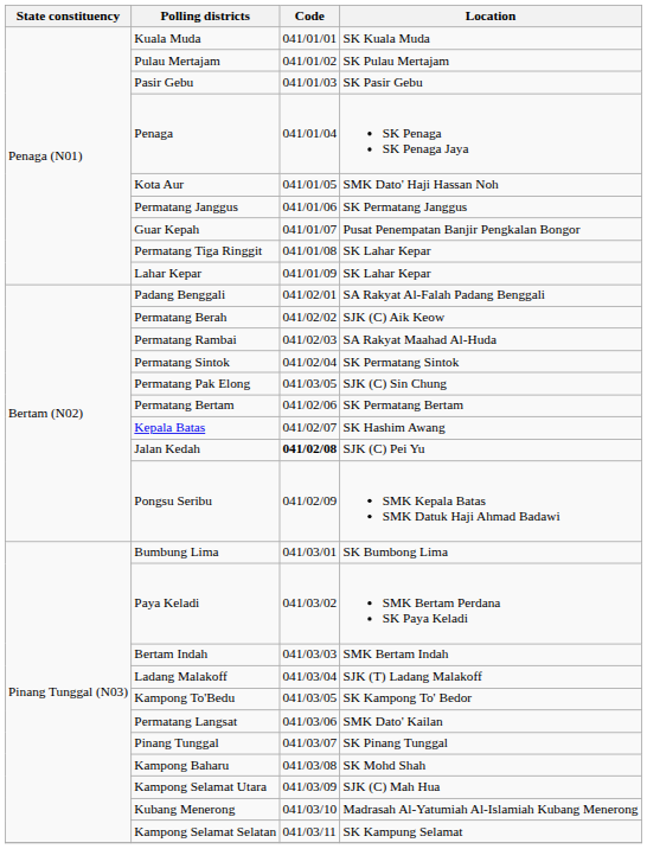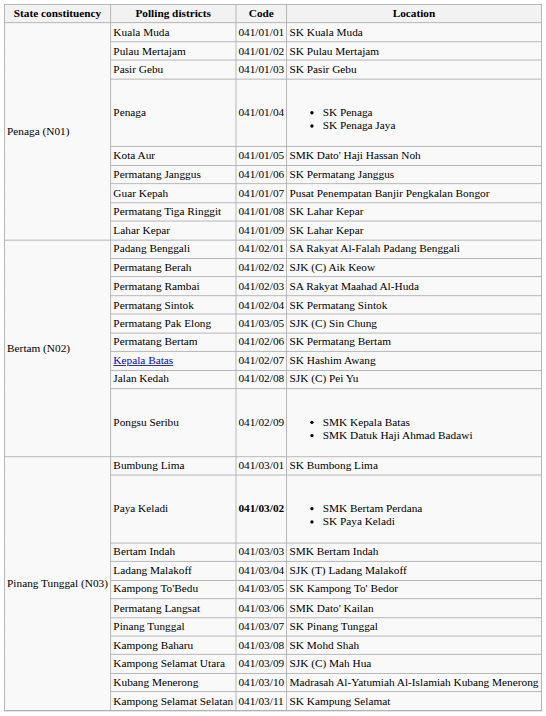 <table class="wikitable sortable mw-collapsible" style="white-space:nowrap;font-size:85%">
 <tr>
 <th>State constituency</th>
 <th>Polling districts</th>
 <th>Code</th>
 <th>Location</th>
 </tr>
 <tr>
 <td rowspan="9">Penaga (N01)</td>
 <td>Kuala Muda</td>
 <td>041/01/01</td>
 <td>SK Kuala Muda</td>
 </tr>
 <tr>
 <td>Pulau Mertajam</td>
 <td>041/01/02</td>
 <td>SK Pulau Mertajam</td>
 </tr>
 <tr>
 <td>Pasir Gebu</td>
 <td>041/01/03</td>
 <td>SK Pasir Gebu</td>
 </tr>
 <tr>
 <td>Penaga</td>
 <td>041/01/04</td>
 <td><br><ul><li>SK Penaga</li><li>SK Penaga Jaya</li></ul></td>
 </tr>
 <tr>
 <td>Kota Aur</td>
 <td>041/01/05</td>
 <td>SMK Dato' Haji Hassan Noh</td>
 </tr>
 <tr>
 <td>Permatang Janggus</td>
 <td>041/01/06</td>
 <td>SK Permatang Janggus</td>
 </tr>
 <tr>
 <td>Guar Kepah</td>
 <td>041/01/07</td>
 <td>Pusat Penempatan Banjir Pengkalan Bongor</td>
 </tr>
 <tr>
 <td>Permatang Tiga Ringgit</td>
 <td>041/01/08</td>
 <td>SK Lahar Kepar</td>
 </tr>
 <tr>
 <td>Lahar Kepar</td>
 <td>041/01/09</td>
 <td>SK Lahar Kepar</td>
 </tr>
 <tr>
 <td rowspan="9">Bertam (N02)</td>
 <td>Padang Benggali</td>
 <td>041/02/01</td>
 <td>SA Rakyat Al-Falah Padang Benggali</td>
 </tr>
 <tr>
 <td>Permatang Berah</td>
 <td>041/02/02</td>
 <td>SJK (C) Aik Keow</td>
 </tr>
 <tr>
 <td>Permatang Rambai</td>
 <td>041/02/03</td>
 <td>SA Rakyat Maahad Al-Huda</td>
 </tr>
 <tr>
 <td>Permatang Sintok</td>
 <td>041/02/04</td>
 <td>SK Permatang Sintok</td>
 </tr>
 <tr>
 <td>Permatang Pak Elong</td>
 <td>041/03/05</td>
 <td>SJK (C) Sin Chung</td>
 </tr>
 <tr>
 <td>Permatang Bertam</td>
 <td>041/02/06</td>
 <td>SK Permatang Bertam</td>
 </tr>
 <tr>
 <td><a href='#'>Kepala Batas</a></td>
 <td>041/02/07</td>
 <td>SK Hashim Awang</td>
 </tr>
 <tr>
 <td>Jalan Kedah</td>
-<td><strong>041/02/08</strong></td>
+<td>041/02/08</td>
 <td>SJK (C) Pei Yu</td>
 </tr>
 <tr>
 <td>Pongsu Seribu</td>
 <td>041/02/09</td>
 <td><br><ul><li>SMK Kepala Batas</li><li>SMK Datuk Haji Ahmad Badawi</li></ul></td>
 </tr>
 <tr>
 <td rowspan="11">Pinang Tunggal (N03)</td>
 <td>Bumbung Lima</td>
 <td>041/03/01</td>
 <td>SK Bumbong Lima</td>
 </tr>
 <tr>
 <td>Paya Keladi</td>
-<td>041/03/02</td>
+<td><strong>041/03/02</strong></td>
 <td><br><ul><li>SMK Bertam Perdana</li><li>SK Paya Keladi</li></ul></td>
 </tr>
 <tr>
 <td>Bertam Indah</td>
 <td>041/03/03</td>
 <td>SMK Bertam Indah</td>
 </tr>
 <tr>
 <td>Ladang Malakoff</td>
 <td>041/03/04</td>
 <td>SJK (T) Ladang Malakoff</td>
 </tr>
 <tr>
 <td>Kampong To'Bedu</td>
 <td>041/03/05</td>
 <td>SK Kampong To' Bedor</td>
 </tr>
 <tr>
 <td>Permatang Langsat</td>
 <td>041/03/06</td>
 <td>SMK Dato' Kailan</td>
 </tr>
 <tr>
 <td>Pinang Tunggal</td>
 <td>041/03/07</td>
 <td>SK Pinang Tunggal</td>
 </tr>
 <tr>
 <td>Kampong Baharu</td>
 <td>041/03/08</td>
 <td>SK Mohd Shah</td>
 </tr>
 <tr>
 <td>Kampong Selamat Utara</td>
 <td>041/03/09</td>
 <td>SJK (C) Mah Hua</td>
 </tr>
 <tr>
 <td>Kubang Menerong</td>
 <td>041/03/10</td>
 <td>Madrasah Al-Yatumiah Al-Islamiah Kubang Menerong</td>
 </tr>
 <tr>
 <td>Kampong Selamat Selatan</td>
 <td>041/03/11</td>
 <td>SK Kampung Selamat</td>
 </tr>
 <tr>
 </tr>
 </table>
